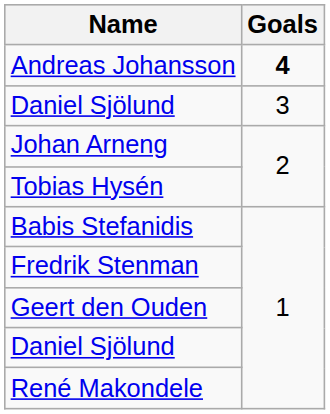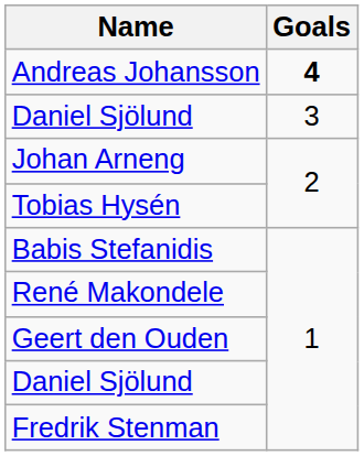 <table class="wikitable">
 <tr>
 <th>Name</th>
 <th>Goals</th>
 </tr>
 <tr>
 <td> <a href='#'>Andreas Johansson</a></td>
 <td align=center><strong>4</strong></td>
 </tr>
 <tr>
 <td> <a href='#'>Daniel Sjölund</a></td>
 <td align=center>3</td>
 </tr>
 <tr>
 <td> <a href='#'>Johan Arneng</a></td>
 <td rowspan="2" style="text-align:center;">2</td>
 </tr>
 <tr>
 <td> <a href='#'>Tobias Hysén</a></td>
 </tr>
 <tr>
 <td> <a href='#'>Babis Stefanidis</a></td>
 <td rowspan="5" style="text-align:center;">1</td>
 </tr>
 <tr>
-<td> <a href='#'>Fredrik Stenman</a></td>
+<td> <a href='#'>René Makondele</a></td>
 </tr>
 <tr>
 <td> <a href='#'>Geert den Ouden</a></td>
 </tr>
 <tr>
 <td> <a href='#'>Daniel Sjölund</a></td>
 </tr>
 <tr>
-<td> <a href='#'>René Makondele</a></td>
+<td> <a href='#'>Fredrik Stenman</a></td>
 </tr>
 </table>
